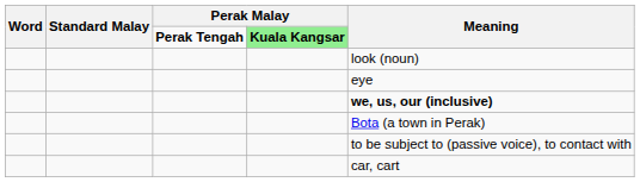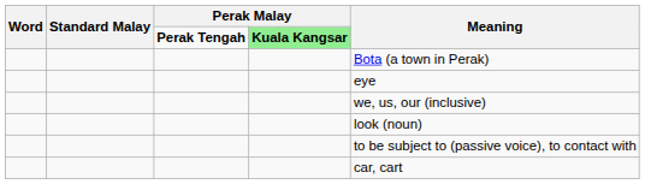 <table class="wikitable">
 <tr>
 <th rowspan="2" style="text-align: center;">Word</th>
 <th rowspan="2" style="text-align: center;">Standard Malay</th>
 <th colspan="2" style="text-align: center;">Perak Malay</th>
 <th rowspan="2" style="text-align: center;">Meaning</th>
 </tr>
 <tr>
 <td><strong>Perak Tengah</strong></td>
 <td style="background: lightgreen;"><strong>Kuala Kangsar</strong></td>
 </tr>
 <tr>
 <td> <br> </td>
 <td></td>
 <td></td>
 <td></td>
-<td>look (noun)</td>
+<td><a href='#'>Bota</a> (a town in Perak)</td>
 </tr>
 <tr>
 <td> <br> </td>
 <td></td>
 <td></td>
 <td></td>
 <td>eye</td>
 </tr>
 <tr>
 <td> <br> </td>
 <td></td>
 <td></td>
 <td></td>
-<td><strong>we, us, our (inclusive)</strong></td>
+<td>we, us, our (inclusive)</td>
 </tr>
 <tr>
 <td> <br> </td>
 <td></td>
 <td></td>
 <td></td>
-<td><a href='#'>Bota</a> (a town in Perak)</td>
+<td>look (noun)</td>
 </tr>
 <tr>
 <td> <br> </td>
 <td></td>
 <td></td>
 <td></td>
 <td>to be subject to (passive voice), to contact with</td>
 </tr>
 <tr>
 <td> <br> </td>
 <td></td>
 <td></td>
 <td></td>
 <td>car, cart</td>
 </tr>
 </table>
